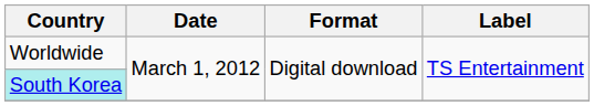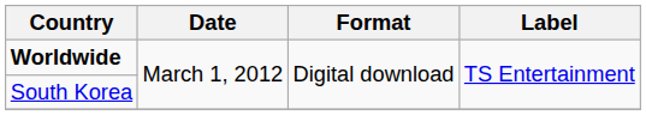 <table class="wikitable">
 <tr>
 <th>Country</th>
 <th>Date</th>
 <th>Format</th>
 <th>Label</th>
 </tr>
 <tr>
-<td rowspan="1">Worldwide</td>
+<td rowspan="1"><strong>Worldwide</strong></td>
 <td rowspan="2">March 1, 2012</td>
 <td rowspan="2">Digital download</td>
 <td rowspan="2"><a href='#'>TS Entertainment</a></td>
 </tr>
 <tr>
-<td rowspan="1" style="background: paleturquoise;"><a href='#'>South Korea</a></td>
+<td rowspan="1"><a href='#'>South Korea</a></td>
 </tr>
 <tr>
 </tr>
 </table>
